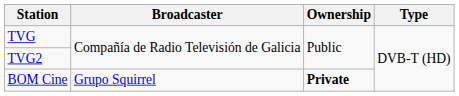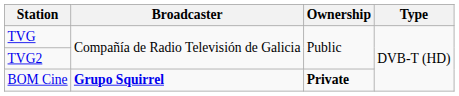 <table class="wikitable">
 <tr>
 <th>Station</th>
 <th>Broadcaster</th>
 <th>Ownership</th>
 <th>Type</th>
 </tr>
 <tr>
 <td><a href='#'>TVG</a></td>
 <td rowspan="2">Compañía de Radio Televisión de Galicia</td>
 <td rowspan="2">Public</td>
 <td rowspan="3">DVB-T (HD)</td>
 </tr>
 <tr>
 <td><a href='#'>TVG2</a></td>
 </tr>
 <tr>
 <td><a href='#'>BOM Cine</a></td>
-<td><a href='#'>Grupo Squirrel</a></td>
+<td><strong><a href='#'>Grupo Squirrel</a></strong></td>
 <td><strong>Private</strong></td>
 </tr>
 </table>
